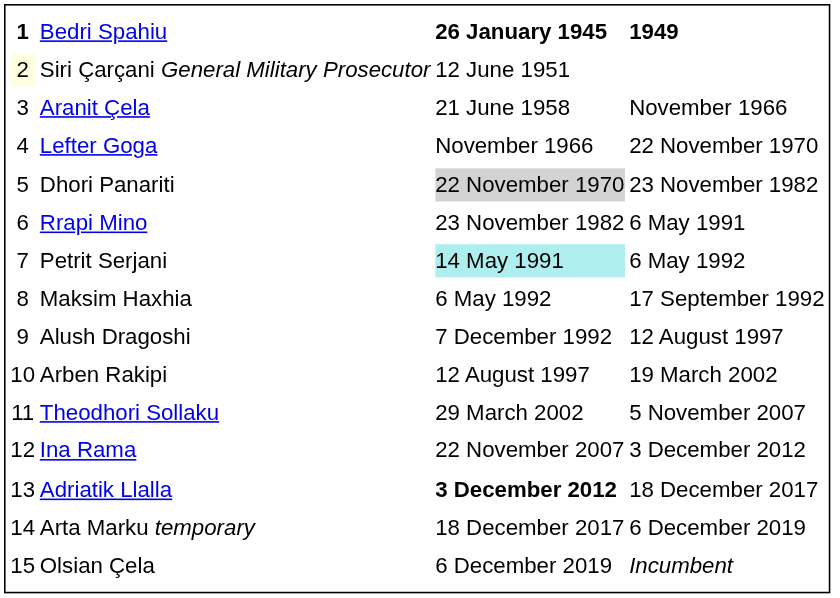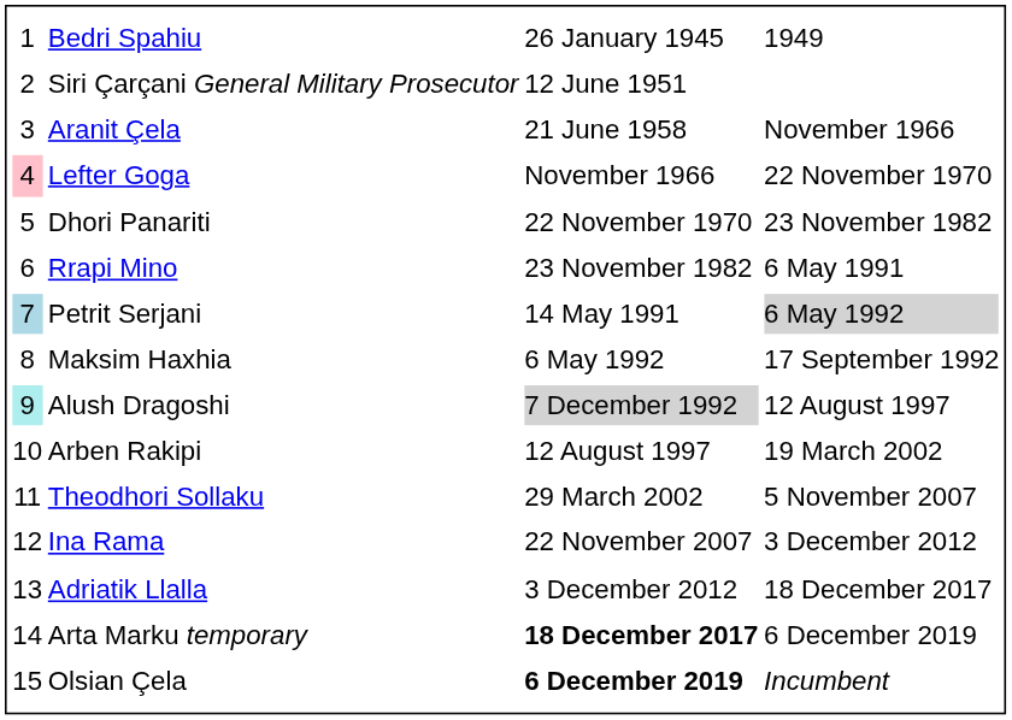 <table cellpadding="0" cellspacing="3" style="border:1px solid #000000; font-size:88%; line-height: 1.5em;">
 <tr>
 <td><strong></strong></td>
 <td><strong></strong></td>
 <td colspan="2"></td>
 </tr>
 <tr>
-<td align="center"><strong>1</strong></td>
+<td align="center">1</td>
 <td><a href='#'>Bedri Spahiu</a></td>
-<td><strong>26 January 1945</strong></td>
-<td><strong>1949</strong></td>
+<td>26 January 1945</td>
+<td>1949</td>
 </tr>
 <tr>
-<td align="center" style="background: lightyellow;">2</td>
+<td align="center">2</td>
 <td>Siri Çarçani <em>General Military Prosecutor</em> </td>
 <td>12 June 1951</td>
 </tr>
 <tr>
 <td align="center">3</td>
 <td><a href='#'>Aranit Çela</a></td>
 <td>21 June 1958</td>
 <td>November 1966</td>
 </tr>
 <tr>
-<td align="center">4</td>
+<td align="center" style="background: pink;">4</td>
 <td><a href='#'>Lefter Goga</a></td>
 <td>November 1966</td>
 <td>22 November 1970</td>
 </tr>
 <tr>
 <td align="center">5</td>
 <td>Dhori Panariti </td>
-<td style="background: lightgrey;">22 November 1970</td>
+<td>22 November 1970</td>
 <td>23 November 1982</td>
 </tr>
 <tr>
 <td align="center">6</td>
 <td><a href='#'>Rrapi Mino</a></td>
 <td>23 November 1982</td>
 <td>6 May 1991</td>
 </tr>
 <tr>
-<td align="center">7</td>
+<td align="center" style="background: lightblue;">7</td>
 <td>Petrit Serjani</td>
-<td style="background: paleturquoise;">14 May 1991</td>
-<td>6 May 1992</td>
+<td>14 May 1991</td>
+<td style="background: lightgrey;">6 May 1992</td>
 </tr>
 <tr>
 <td align="center">8</td>
 <td>Maksim Haxhia </td>
 <td>6 May 1992</td>
 <td>17 September 1992</td>
 </tr>
 <tr>
-<td align="center">9</td>
+<td align="center" style="background: paleturquoise;">9</td>
 <td>Alush Dragoshi </td>
-<td>7 December 1992</td>
+<td style="background: lightgrey;">7 December 1992</td>
 <td>12 August 1997</td>
 </tr>
 <tr>
 <td align="center">10</td>
 <td>Arben Rakipi </td>
 <td>12 August 1997</td>
 <td>19 March 2002</td>
 </tr>
 <tr>
 <td align="center">11</td>
 <td><a href='#'>Theodhori Sollaku</a></td>
 <td>29 March 2002</td>
 <td>5 November 2007</td>
 </tr>
 <tr>
 <td align="center">12</td>
 <td><a href='#'>Ina Rama</a></td>
 <td>22 November 2007</td>
 <td>3 December 2012</td>
 </tr>
 <tr>
 <td align="center">13</td>
 <td><a href='#'>Adriatik Llalla</a></td>
-<td><strong>3 December 2012</strong></td>
+<td>3 December 2012</td>
 <td>18 December 2017</td>
 </tr>
 <tr>
 <td align="center">14</td>
 <td>Arta Marku <em>temporary</em> </td>
-<td>18 December 2017</td>
+<td><strong>18 December 2017</strong></td>
 <td>6 December 2019</td>
 </tr>
 <tr>
 <td align="center">15</td>
 <td>Olsian Çela </td>
-<td>6 December 2019</td>
+<td><strong>6 December 2019</strong></td>
 <td><em>Incumbent</em></td>
 </tr>
 <tr>
 </tr>
 </table>
